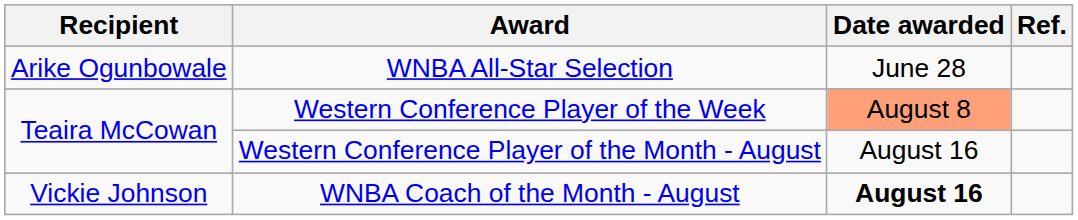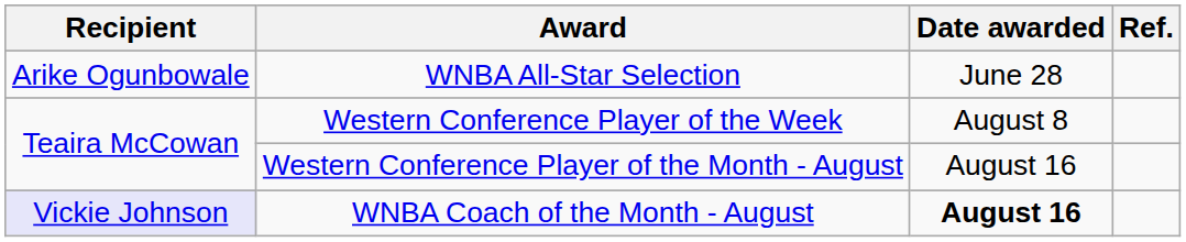 <table class="wikitable sortable sortable" style="text-align: center">
 <tr>
 <th>Recipient</th>
 <th>Award</th>
 <th>Date awarded</th>
 <th>Ref.</th>
 </tr>
 <tr>
 <td><a href='#'>Arike Ogunbowale</a></td>
 <td><a href='#'>WNBA All-Star Selection</a></td>
 <td>June 28</td>
 <td></td>
 </tr>
 <tr>
 <td rowspan=2><a href='#'>Teaira McCowan</a></td>
 <td><a href='#'>Western Conference Player of the Week</a></td>
-<td style="background: lightsalmon;">August 8</td>
+<td>August 8</td>
 <td></td>
 </tr>
 <tr>
 <td><a href='#'>Western Conference Player of the Month - August</a></td>
 <td>August 16</td>
 <td></td>
 </tr>
 <tr>
-<td><a href='#'>Vickie Johnson</a></td>
+<td style="background: lavender;"><a href='#'>Vickie Johnson</a></td>
 <td><a href='#'>WNBA Coach of the Month - August</a></td>
 <td><strong>August 16</strong></td>
 <td></td>
 </tr>
 </table>
